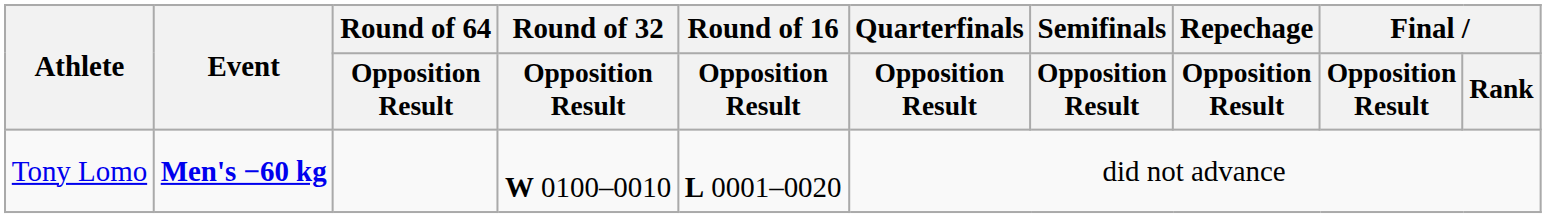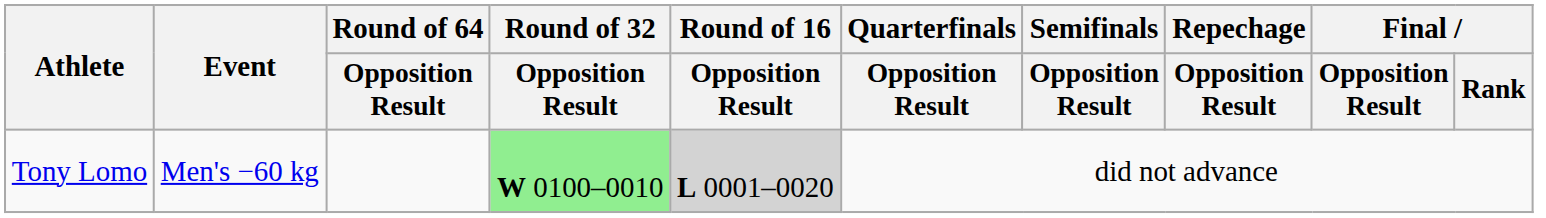 <table class="wikitable" style="font-size:90%">
 <tr>
 <th rowspan="2">Athlete</th>
 <th rowspan="2">Event</th>
 <th>Round of 64</th>
 <th>Round of 32</th>
 <th>Round of 16</th>
 <th>Quarterfinals</th>
 <th>Semifinals</th>
 <th>Repechage</th>
 <th colspan=2>Final / </th>
 </tr>
 <tr style="font-size:95%">
 <th>Opposition<br>Result</th>
 <th>Opposition<br>Result</th>
 <th>Opposition<br>Result</th>
 <th>Opposition<br>Result</th>
 <th>Opposition<br>Result</th>
 <th>Opposition<br>Result</th>
 <th>Opposition<br>Result</th>
 <th>Rank</th>
 </tr>
 <tr align=center>
 <td align=left><a href='#'>Tony Lomo</a></td>
-<td align=left><strong><a href='#'>Men's −60 kg</a></strong></td>
+<td align=left><a href='#'>Men's −60 kg</a></td>
 <td></td>
-<td><br><strong>W</strong> 0100–0010</td>
-<td><br><strong>L</strong> 0001–0020</td>
+<td style="background: lightgreen;"><br><strong>W</strong> 0100–0010</td>
+<td style="background: lightgrey;"><br><strong>L</strong> 0001–0020</td>
 <td colspan=5>did not advance</td>
 </tr>
 </table>
